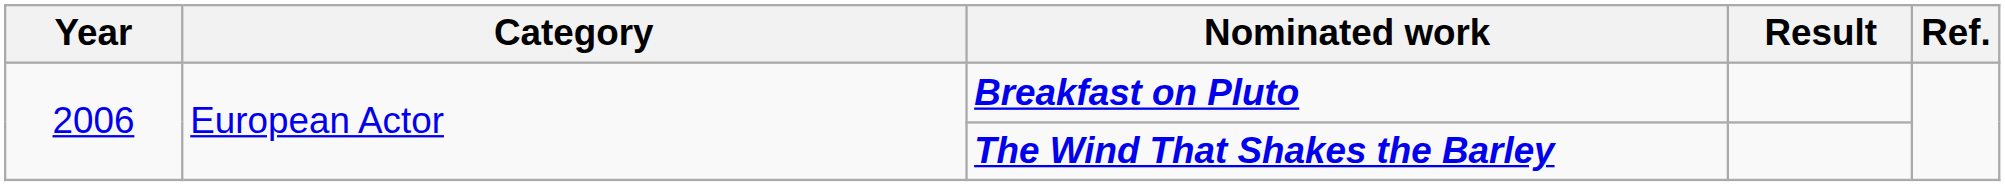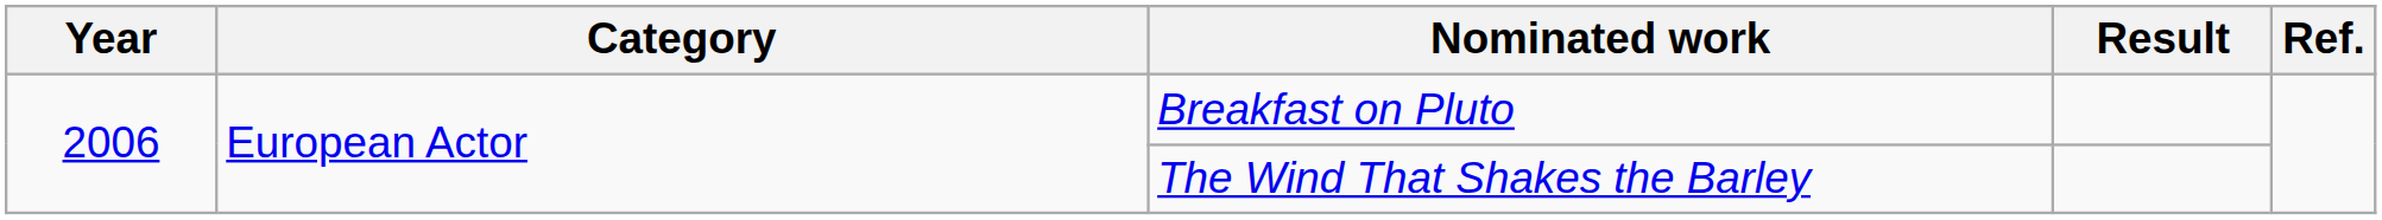 <table class="wikitable">
 <tr>
 <th scope="col" style="width:5em;">Year</th>
 <th scope="col" style="width:26em;">Category</th>
 <th scope="col" style="width:25em;">Nominated work</th>
 <th scope="col" style="width:5em;">Result</th>
 <th>Ref.</th>
 </tr>
 <tr>
 <td rowspan="2" style="text-align:center;"><a href='#'>2006</a></td>
 <td rowspan="2"><a href='#'>European Actor</a></td>
-<td><strong><em><a href='#'>Breakfast on Pluto</a></em></strong></td>
+<td><em><a href='#'>Breakfast on Pluto</a></em></td>
 <td></td>
 <td rowspan="2" style="text-align:center;"></td>
 </tr>
 <tr>
-<td><strong><em><a href='#'>The Wind That Shakes the Barley</a></em></strong></td>
+<td><em><a href='#'>The Wind That Shakes the Barley</a></em></td>
 <td></td>
 </tr>
 </table>
